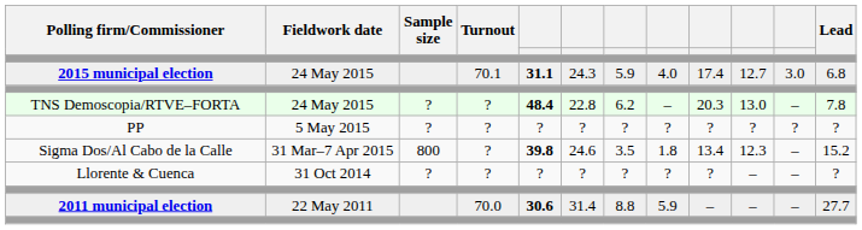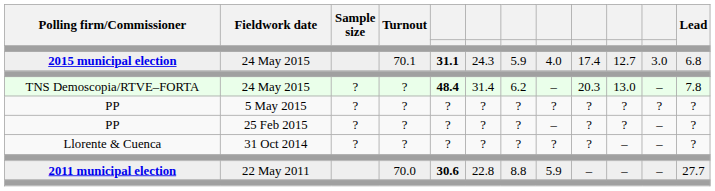 <table class="wikitable collapsible collapsed" style="text-align:center; font-size:95%; line-height:16px;">
 <tr style="height:42px;">
 <th style="width:250px;" rowspan="2">Polling firm/Commissioner</th>
 <th style="width:125px;" rowspan="2">Fieldwork date</th>
 <th style="width:50px;" rowspan="2">Sample size</th>
 <th style="width:45px;" rowspan="2">Turnout</th>
 <th style="width:35px;"></th>
 <th style="width:35px;"></th>
 <th style="width:35px;"></th>
 <th style="width:35px;"></th>
 <th style="width:35px;"></th>
 <th style="width:35px;"></th>
 <th style="width:35px; font-size:85%;"></th>
 <th style="width:30px;" rowspan="2">Lead</th>
 </tr>
 <tr>
 <th style="color:inherit;background:"></th>
 <th style="color:inherit;background:"></th>
 <th style="color:inherit;background:"></th>
 <th style="color:inherit;background:"></th>
 <th style="color:inherit;background:"></th>
 <th style="color:inherit;background:"></th>
 <th style="color:inherit;background:"></th>
 </tr>
 <tr>
 <td colspan="12" style="background:#A0A0A0"></td>
 </tr>
 <tr style="background:#EFEFEF;">
 <td><strong><a href='#'>2015 municipal election</a></strong></td>
 <td>24 May 2015</td>
 <td></td>
 <td>70.1</td>
 <td><strong>31.1</strong><br></td>
 <td>24.3<br></td>
 <td>5.9<br></td>
 <td>4.0<br></td>
 <td>17.4<br></td>
 <td>12.7<br></td>
 <td>3.0<br></td>
 <td style="background:">6.8</td>
 </tr>
 <tr>
 <td colspan="12" style="background:#A0A0A0"></td>
 </tr>
 <tr style="background:#EAFFEA;">
 <td>TNS Demoscopia/RTVE–FORTA</td>
 <td>24 May 2015</td>
 <td>?</td>
 <td>?</td>
 <td><strong>48.4</strong><br></td>
-<td>22.8<br></td>
+<td>31.4<br></td>
 <td>6.2<br></td>
 <td>–</td>
 <td>20.3<br></td>
 <td>13.0<br></td>
 <td>–</td>
 <td style="background:">7.8</td>
 </tr>
 <tr>
 <td>PP</td>
 <td>5 May 2015</td>
 <td>?</td>
 <td>?</td>
 <td>?<br></td>
 <td>?<br></td>
 <td>?<br></td>
 <td>?<br></td>
 <td>?<br></td>
 <td>?<br></td>
 <td>?<br></td>
 <td style="background:">?</td>
 </tr>
 <tr>
-<td>Sigma Dos/Al Cabo de la Calle</td>
-<td>31 Mar–7 Apr 2015</td>
-<td>800</td>
+<td>PP</td>
+<td>25 Feb 2015</td>
 <td>?</td>
-<td><strong>39.8</strong><br></td>
-<td>24.6<br></td>
-<td>3.5<br></td>
-<td>1.8<br></td>
-<td>13.4<br></td>
-<td>12.3<br></td>
+<td>?</td>
+<td>?<br></td>
+<td>?<br></td>
+<td>?<br></td>
 <td>–</td>
-<td style="background:">15.2</td>
+<td>?<br></td>
+<td>?<br></td>
+<td>–</td>
+<td style="background:">?</td>
 </tr>
 <tr>
 <td>Llorente & Cuenca</td>
 <td>31 Oct 2014</td>
 <td>?</td>
 <td>?</td>
 <td>?<br></td>
 <td>?<br></td>
 <td>?<br></td>
 <td>?<br></td>
 <td>?<br></td>
 <td>–</td>
 <td>–</td>
 <td style="background:">?</td>
 </tr>
 <tr>
 <td colspan="12" style="background:#A0A0A0"></td>
 </tr>
 <tr style="background:#EFEFEF;">
 <td><strong><a href='#'>2011 municipal election</a></strong></td>
 <td>22 May 2011</td>
 <td></td>
 <td>70.0</td>
 <td><strong>30.6</strong><br></td>
-<td>31.4<br></td>
+<td>22.8<br></td>
 <td>8.8<br></td>
 <td>5.9<br></td>
 <td>–</td>
 <td>–</td>
 <td>–</td>
 <td style="background:">27.7</td>
 </tr>
 <tr>
 <td colspan="12" style="background:#A0A0A0"></td>
 </tr>
 </table>
